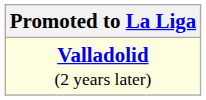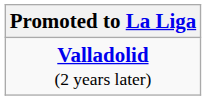 <table class="wikitable" style="text-align: center; margin: 0 auto;">
 <tr>
 <th colspan="2">Promoted to <a href='#'>La Liga</a></th>
 </tr>
 <tr>
-<td style="background: lightyellow;"><strong><a href='#'>Valladolid</a></strong><br><small>(2 years later)</small></td>
+<td><strong><a href='#'>Valladolid</a></strong><br><small>(2 years later)</small></td>
 </tr>
 </table>
